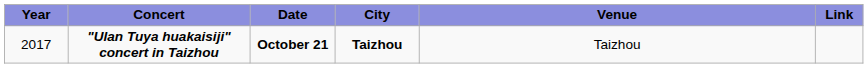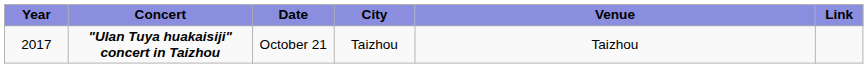 <table class="wikitable sortable mw-collapsible" width="80%" style="text-align:center">
 <tr align="center" style="background:#8B8EDE">
 <td style="width:2%"><strong>Year</strong></td>
 <td style="width:8%"><strong>Concert</strong></td>
 <td style="width:2%"><strong>Date</strong></td>
 <td style="width:2%"><strong>City</strong></td>
 <td style="width:18%"><strong>Venue</strong></td>
 <td style="width:1%"><strong>Link</strong></td>
 </tr>
 <tr>
 <td rowspan="2">2017</td>
 <td rowspan="2"><strong><em>"Ulan Tuya huakaisiji" concert in Taizhou</em></strong></td>
-<td><strong>October 21</strong></td>
-<td><strong>Taizhou</strong></td>
+<td>October 21</td>
+<td>Taizhou</td>
 <td>Taizhou</td>
 <td></td>
 </tr>
 </table>
